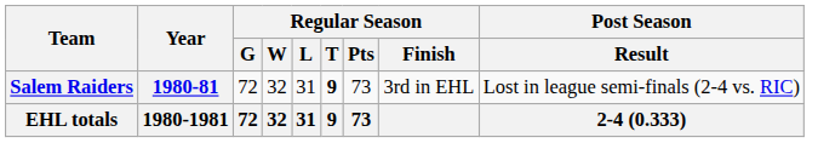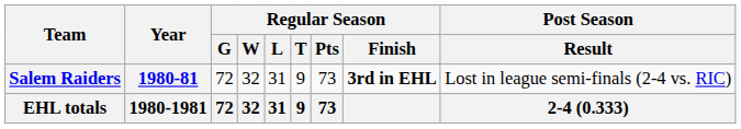 <table class="wikitable" style="font-size: 95%; text-align:center;">
 <tr>
 <th rowspan="2">Team</th>
 <th rowspan="2">Year</th>
 <th colspan="6">Regular Season</th>
 <th colspan="1">Post Season</th>
 </tr>
 <tr>
 <th>G</th>
 <th>W</th>
 <th>L</th>
 <th>T</th>
 <th>Pts</th>
 <th>Finish</th>
 <th>Result</th>
 </tr>
 <tr>
 <th><a href='#'>Salem Raiders</a></th>
 <th><a href='#'>1980-81</a></th>
 <td>72</td>
 <td>32</td>
 <td>31</td>
-<td><strong>9</strong></td>
+<td>9</td>
 <td>73</td>
-<td>3rd in EHL</td>
+<td><strong>3rd in EHL</strong></td>
 <td>Lost in league semi-finals (2-4 vs. <a href='#'>RIC</a>)</td>
 </tr>
 <tr align="centre" bgcolor="#dddddd">
 <th>EHL totals</th>
 <th>1980-1981</th>
 <th>72</th>
 <th>32</th>
 <th>31</th>
 <th>9</th>
 <th>73</th>
 <th></th>
 <th>2-4 (0.333)</th>
 </tr>
 </table>
